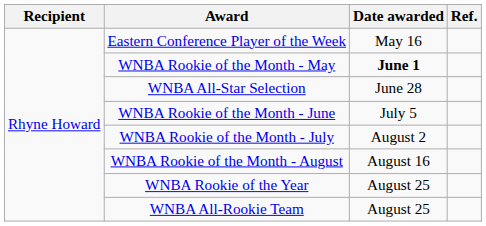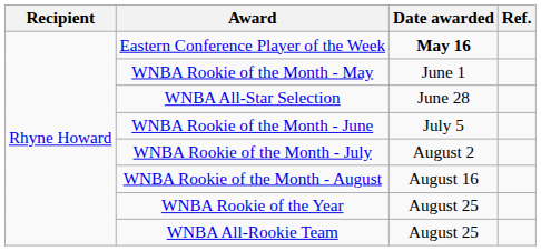 <table class="wikitable sortable sortable" style="text-align: center">
 <tr>
 <th>Recipient</th>
 <th>Award</th>
 <th>Date awarded</th>
 <th>Ref.</th>
 </tr>
 <tr>
 <td rowspan=8><a href='#'>Rhyne Howard</a></td>
 <td><a href='#'>Eastern Conference Player of the Week</a></td>
-<td>May 16</td>
+<td><strong>May 16</strong></td>
 <td></td>
 </tr>
 <tr>
 <td><a href='#'>WNBA Rookie of the Month - May</a></td>
-<td><strong>June 1</strong></td>
+<td>June 1</td>
 <td></td>
 </tr>
 <tr>
 <td><a href='#'>WNBA All-Star Selection</a></td>
 <td>June 28</td>
 <td></td>
 </tr>
 <tr>
 <td><a href='#'>WNBA Rookie of the Month - June</a></td>
 <td>July 5</td>
 <td></td>
 </tr>
 <tr>
 <td><a href='#'>WNBA Rookie of the Month - July</a></td>
 <td>August 2</td>
 <td></td>
 </tr>
 <tr>
 <td><a href='#'>WNBA Rookie of the Month - August</a></td>
 <td>August 16</td>
 <td></td>
 </tr>
 <tr>
 <td><a href='#'>WNBA Rookie of the Year</a></td>
 <td>August 25</td>
 <td></td>
 </tr>
 <tr>
 <td><a href='#'>WNBA All-Rookie Team</a></td>
 <td>August 25</td>
 <td></td>
 </tr>
 </table>
